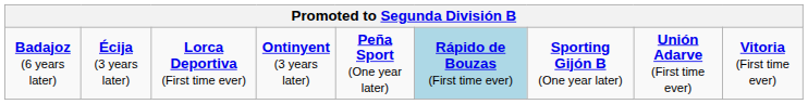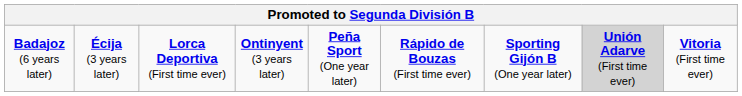 <table class="wikitable" style="text-align: center; margin: 0 auto;">
 <tr>
 <th colspan="9">Promoted to <a href='#'>Segunda División B</a></th>
 </tr>
 <tr>
 <td><strong><a href='#'>Badajoz</a></strong><br><small>(6 years later)</small></td>
 <td><strong><a href='#'>Écija</a></strong><br><small>(3 years later)</small></td>
 <td><strong><a href='#'>Lorca Deportiva</a></strong><br><small>(First time ever)</small></td>
 <td><strong><a href='#'>Ontinyent</a></strong><br><small>(3 years later)</small></td>
 <td><strong><a href='#'>Peña Sport</a></strong><br><small>(One year later)</small></td>
-<td style="background: lightblue;"><strong><a href='#'>Rápido de Bouzas</a></strong><br><small>(First time ever)</small></td>
+<td><strong><a href='#'>Rápido de Bouzas</a></strong><br><small>(First time ever)</small></td>
 <td><strong><a href='#'>Sporting Gijón B</a></strong><br><small>(One year later)</small></td>
-<td><strong><a href='#'>Unión Adarve</a></strong><br><small>(First time ever)</small></td>
+<td style="background: lightgrey;"><strong><a href='#'>Unión Adarve</a></strong><br><small>(First time ever)</small></td>
 <td><strong><a href='#'>Vitoria</a></strong><br><small>(First time ever)</small></td>
 </tr>
 </table>
